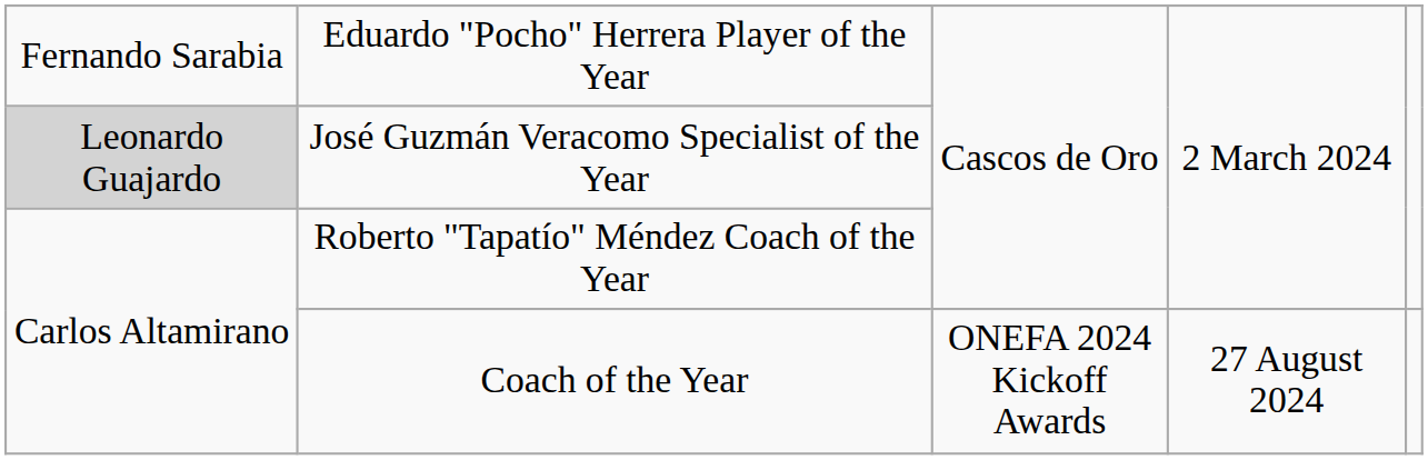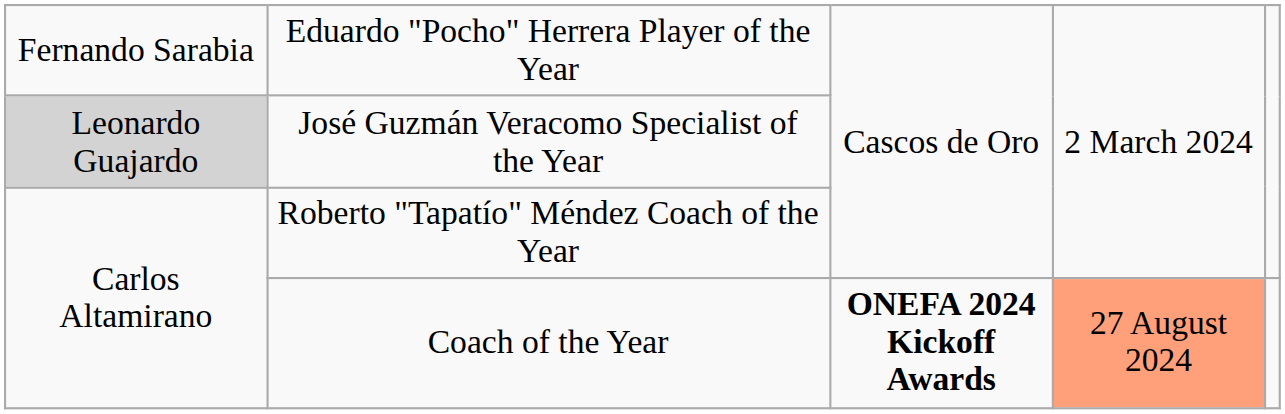 <table class="wikitable sortable sortable" style="text-align: center">
 <tr>
 <td>Fernando Sarabia</td>
 <td>Eduardo "Pocho" Herrera Player of the Year</td>
 <td rowspan="3">Cascos de Oro</td>
 <td rowspan="3">2 March 2024</td>
 <td rowspan="3"></td>
 </tr>
 <tr>
 <td style="background: lightgrey;">Leonardo Guajardo</td>
 <td>José Guzmán Veracomo Specialist of the Year</td>
 </tr>
 <tr>
 <td rowspan="2">Carlos Altamirano</td>
 <td>Roberto "Tapatío" Méndez Coach of the Year</td>
 </tr>
 <tr>
 <td>Coach of the Year</td>
-<td>ONEFA 2024<br>Kickoff Awards</td>
-<td>27 August 2024</td>
+<td><strong>ONEFA 2024<br>Kickoff Awards</strong></td>
+<td style="background: lightsalmon;">27 August 2024</td>
 <td></td>
 </tr>
 </table>
